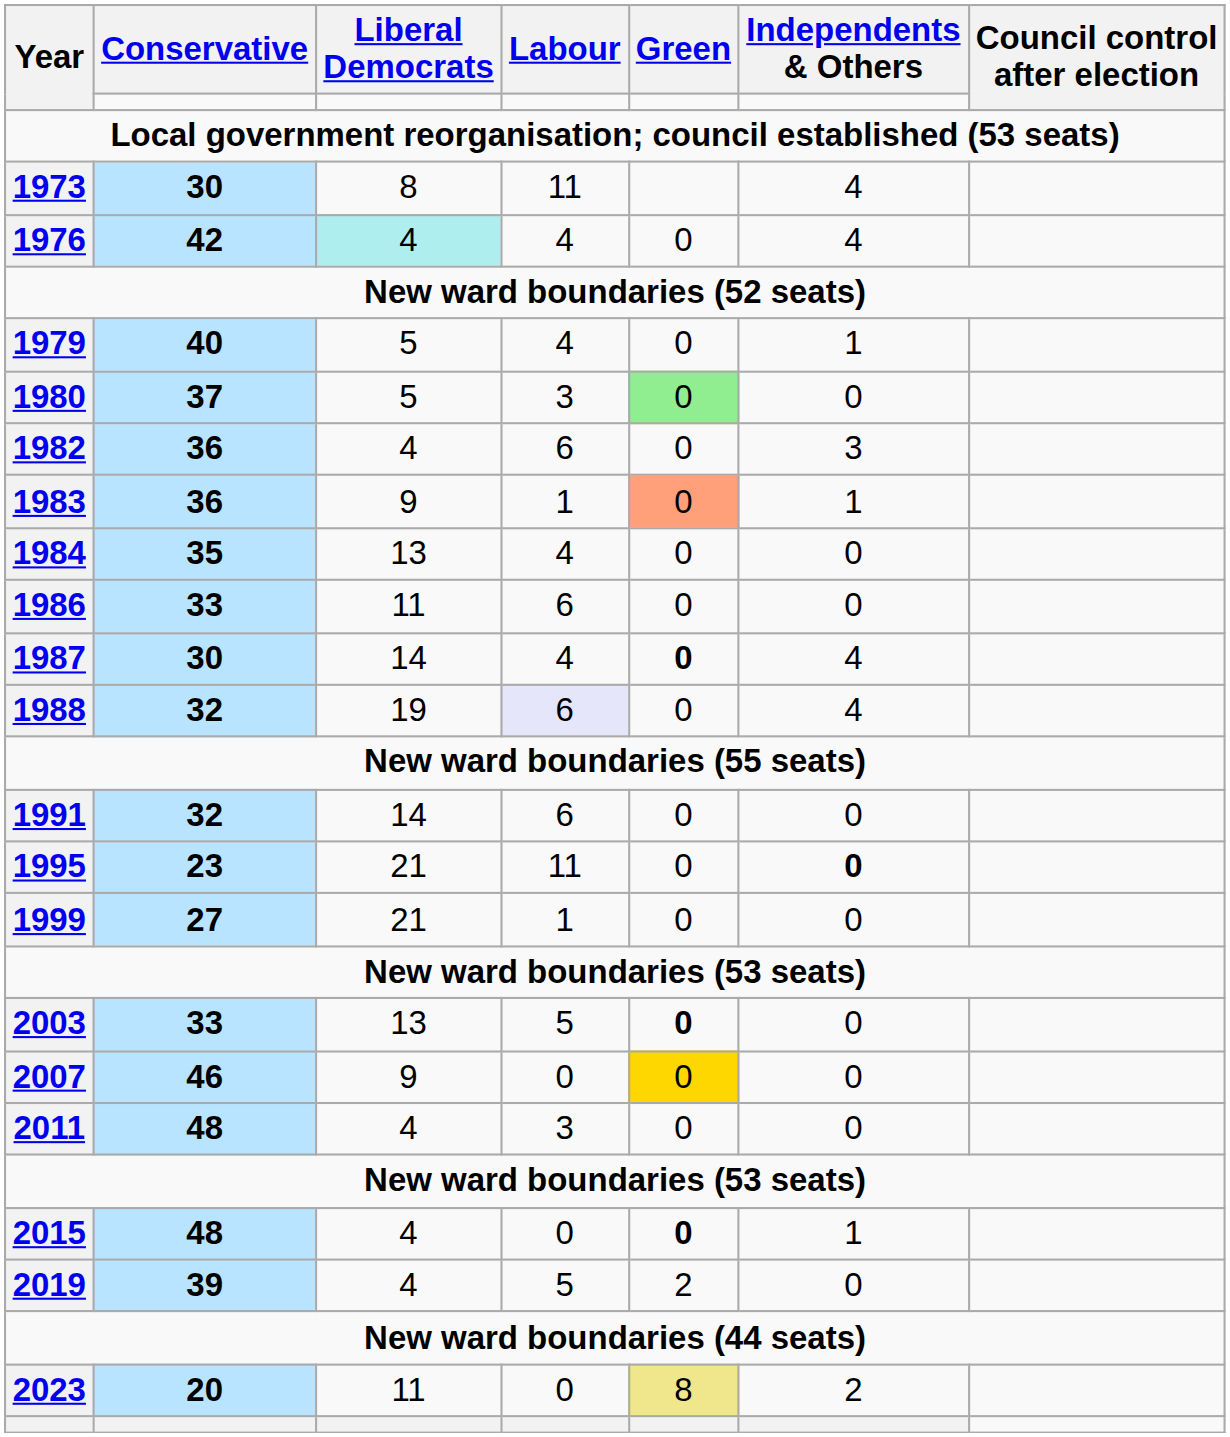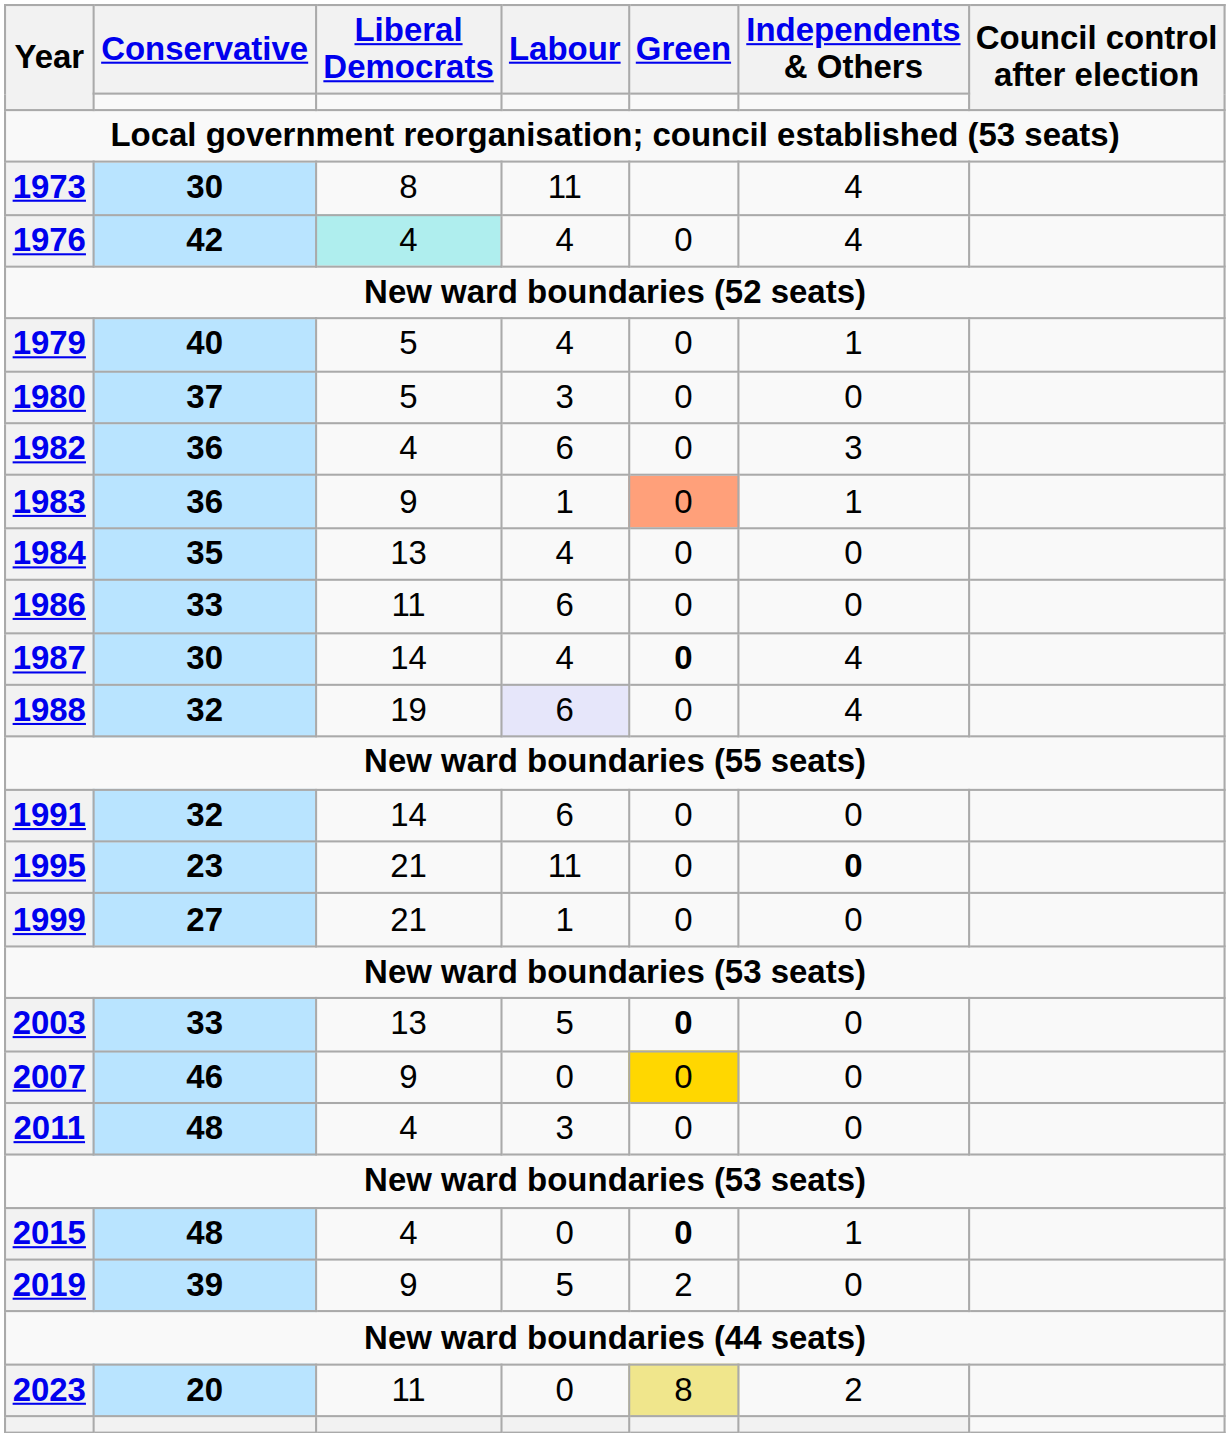 <table class="wikitable plainrowheaders" style="text-align:center">
 <tr>
 <th scope="col" rowspan="2">Year</th>
 <th scope="col"><a href='#'>Conservative</a></th>
 <th scope="col" style="width:1px"><a href='#'>Liberal Democrats</a></th>
 <th scope="col"><a href='#'>Labour</a></th>
 <th scope="col"><a href='#'>Green</a></th>
 <th scope="col"><a href='#'>Independents</a><br>& Others</th>
 <th scope="col" rowspan="2" colspan="2">Council control<br>after election</th>
 </tr>
 <tr>
 <td style="background:"></td>
 <td style="background:"></td>
 <td style="background:"></td>
 <td style="background:"></td>
 <td style="background:"></td>
 </tr>
 <tr>
 <td colspan="9"><strong>Local government reorganisation; council established (53 seats)</strong></td>
 </tr>
 <tr>
 <th scope="row"><a href='#'>1973</a></th>
 <td style="background:#B9E4FF;"><strong>30</strong></td>
 <td>8</td>
 <td>11</td>
 <td></td>
 <td>4</td>
 <td></td>
 </tr>
 <tr>
 <th scope="row"><a href='#'>1976</a></th>
 <td style="background:#B9E4FF;"><strong>42</strong></td>
 <td style="background: paleturquoise;">4</td>
 <td>4</td>
 <td>0</td>
 <td>4</td>
 <td></td>
 </tr>
 <tr>
 <td colspan="9"><strong>New ward boundaries (52 seats)</strong></td>
 </tr>
 <tr>
 <th scope="row"><a href='#'>1979</a></th>
 <td style="background:#B9E4FF;"><strong>40</strong></td>
 <td>5</td>
 <td>4</td>
 <td>0</td>
 <td>1</td>
 <td></td>
 </tr>
 <tr>
 <th scope="row"><a href='#'>1980</a></th>
 <td style="background:#B9E4FF;"><strong>37</strong></td>
 <td>5</td>
 <td>3</td>
-<td style="background: lightgreen;">0</td>
+<td>0</td>
 <td>0</td>
 <td></td>
 </tr>
 <tr>
 <th scope="row"><a href='#'>1982</a></th>
 <td style="background:#B9E4FF;"><strong>36</strong></td>
 <td>4</td>
 <td>6</td>
 <td>0</td>
 <td>3</td>
 <td></td>
 </tr>
 <tr>
 <th scope="row"><a href='#'>1983</a></th>
 <td style="background:#B9E4FF;"><strong>36</strong></td>
 <td>9</td>
 <td>1</td>
 <td style="background: lightsalmon;">0</td>
 <td>1</td>
 <td></td>
 </tr>
 <tr>
 <th scope="row"><a href='#'>1984</a></th>
 <td style="background:#B9E4FF;"><strong>35</strong></td>
 <td>13</td>
 <td>4</td>
 <td>0</td>
 <td>0</td>
 <td></td>
 </tr>
 <tr>
 <th scope="row"><a href='#'>1986</a></th>
 <td style="background:#B9E4FF;"><strong>33</strong></td>
 <td>11</td>
 <td>6</td>
 <td>0</td>
 <td>0</td>
 <td></td>
 </tr>
 <tr>
 <th scope="row"><a href='#'>1987</a></th>
 <td style="background:#B9E4FF;"><strong>30</strong></td>
 <td>14</td>
 <td>4</td>
 <td><strong>0</strong></td>
 <td>4</td>
 <td></td>
 </tr>
 <tr>
 <th scope="row"><a href='#'>1988</a></th>
 <td style="background:#B9E4FF;"><strong>32</strong></td>
 <td>19</td>
 <td style="background: lavender;">6</td>
 <td>0</td>
 <td>4</td>
 <td></td>
 </tr>
 <tr>
 <td colspan="9"><strong>New ward boundaries (55 seats)</strong></td>
 </tr>
 <tr>
 <th scope="row"><a href='#'>1991</a></th>
 <td style="background:#B9E4FF;"><strong>32</strong></td>
 <td>14</td>
 <td>6</td>
 <td>0</td>
 <td>0</td>
 <td></td>
 </tr>
 <tr>
 <th scope="row"><a href='#'>1995</a></th>
 <td style="background:#B9E4FF;"><strong>23</strong></td>
 <td>21</td>
 <td>11</td>
 <td>0</td>
 <td><strong>0</strong></td>
 <td></td>
 </tr>
 <tr>
 <th scope="row"><a href='#'>1999</a></th>
 <td style="background:#B9E4FF;"><strong>27</strong></td>
 <td>21</td>
 <td>1</td>
 <td>0</td>
 <td>0</td>
 <td></td>
 </tr>
 <tr>
 <td colspan="9"><strong>New ward boundaries (53 seats)</strong></td>
 </tr>
 <tr>
 <th scope="row"><a href='#'>2003</a></th>
 <td style="background:#B9E4FF;"><strong>33</strong></td>
 <td>13</td>
 <td>5</td>
 <td><strong>0</strong></td>
 <td>0</td>
 <td></td>
 </tr>
 <tr>
 <th scope="row"><a href='#'>2007</a></th>
 <td style="background:#B9E4FF;"><strong>46</strong></td>
 <td>9</td>
 <td>0</td>
 <td style="background: gold;">0</td>
 <td>0</td>
 <td></td>
 </tr>
 <tr>
 <th scope="row"><a href='#'>2011</a></th>
 <td style="background:#B9E4FF;"><strong>48</strong></td>
 <td>4</td>
 <td>3</td>
 <td>0</td>
 <td>0</td>
 <td></td>
 </tr>
 <tr>
 <td colspan="9"><strong>New ward boundaries (53 seats)</strong></td>
 </tr>
 <tr>
 <th scope="row"><a href='#'>2015</a></th>
 <td style="background:#B9E4FF;"><strong>48</strong></td>
 <td>4</td>
 <td>0</td>
 <td><strong>0</strong></td>
 <td>1</td>
 <td></td>
 </tr>
 <tr>
 <th scope="row"><a href='#'>2019</a></th>
 <td style="background:#B9E4FF;"><strong>39</strong></td>
-<td>4</td>
+<td>9</td>
 <td>5</td>
 <td>2</td>
 <td>0</td>
 <td></td>
 </tr>
 <tr>
 <td colspan="9"><strong>New ward boundaries (44 seats)</strong></td>
 </tr>
 <tr>
 <th scope="row"><a href='#'>2023</a></th>
 <td style="background:#B9E4FF;"><strong>20</strong></td>
 <td>11</td>
 <td>0</td>
 <td style="background: khaki;">8</td>
 <td>2</td>
 <td></td>
 </tr>
 <tr>
 <th></th>
 <th style="background-color: "></th>
 <th style="background-color: "></th>
 <th style="background-color: "></th>
 <th style="background-color: "></th>
 <th style="background-color: "></th>
 </tr>
 </table>
